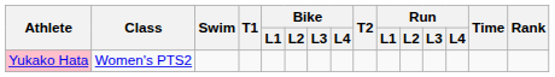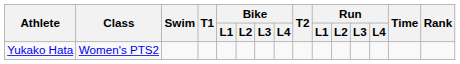 <table class="wikitable" style="font-size:90%">
 <tr>
 <th rowspan="2">Athlete</th>
 <th rowspan="2">Class</th>
 <th rowspan="2">Swim</th>
 <th rowspan="2">T1</th>
 <th colspan="4">Bike</th>
 <th rowspan="2">T2</th>
 <th colspan="4">Run</th>
 <th rowspan="2">Time</th>
 <th rowspan="2">Rank</th>
 </tr>
 <tr>
 <th>L1</th>
 <th>L2</th>
 <th>L3</th>
 <th>L4</th>
 <th>L1</th>
 <th>L2</th>
 <th>L3</th>
 <th>L4</th>
 </tr>
 <tr align=center>
-<td align=left style="background: pink;"><a href='#'>Yukako Hata</a></td>
+<td align=left><a href='#'>Yukako Hata</a></td>
 <td align=left rowspan=2><a href='#'>Women's PTS2</a></td>
 <td></td>
 <td></td>
 <td></td>
 <td></td>
 <td></td>
 <td></td>
 <td></td>
 <td></td>
 <td></td>
 <td></td>
 <td></td>
 <td></td>
 <td></td>
 </tr>
 </table>
